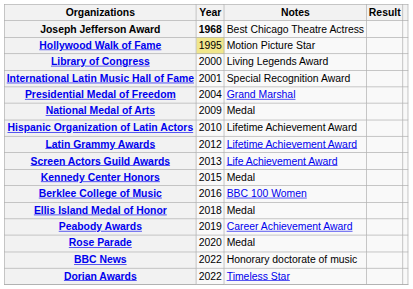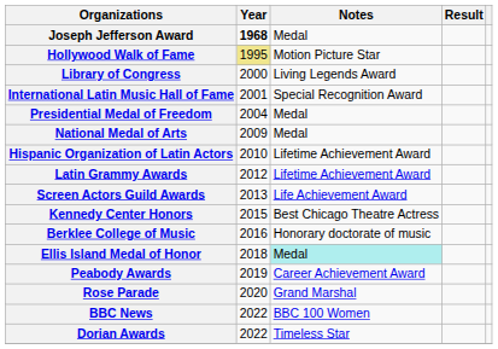 <table class= "wikitable plainrowheaders sortable">
 <tr>
 <th>Organizations</th>
 <th scope="col">Year</th>
 <th scope="col">Notes</th>
 <th scope="col">Result</th>
 <th scope="col" class="unsortable"></th>
 </tr>
 <tr>
 <th rowspan="1" scope="row">Joseph Jefferson Award</th>
 <td style="text-align:center;"><strong>1968</strong></td>
-<td>Best Chicago Theatre Actress</td>
+<td>Medal</td>
 <td></td>
 <td style="text-align:center;"></td>
 </tr>
 <tr>
 <th rowspan="1" scope="row"><a href='#'>Hollywood Walk of Fame</a></th>
 <td style="background: khaki; text-align:center;">1995</td>
 <td>Motion Picture Star</td>
 <td></td>
 <td style="text-align:center;"></td>
 </tr>
 <tr>
 <th rowspan="1" scope="row"><a href='#'>Library of Congress</a></th>
 <td style="text-align:center;">2000</td>
 <td>Living Legends Award</td>
 <td></td>
 <td style="text-align:center;"></td>
 </tr>
 <tr>
 <th rowspan="1" scope="row"><a href='#'>International Latin Music Hall of Fame</a></th>
 <td style="text-align:center;">2001</td>
 <td>Special Recognition Award</td>
 <td></td>
 <td style="text-align:center;"></td>
 </tr>
 <tr>
 <th rowspan="1" scope="row"><a href='#'>Presidential Medal of Freedom</a></th>
 <td style="text-align:center;">2004</td>
-<td><a href='#'>Grand Marshal</a></td>
+<td>Medal</td>
 <td></td>
 <td style="text-align:center;"></td>
 </tr>
 <tr>
 <th rowspan="1" scope="row"><a href='#'>National Medal of Arts</a></th>
 <td style="text-align:center;">2009</td>
 <td>Medal</td>
 <td></td>
 <td style="text-align:center;"></td>
 </tr>
 <tr>
 <th rowspan="1" scope="row"><a href='#'>Hispanic Organization of Latin Actors</a></th>
 <td style="text-align:center;">2010</td>
 <td>Lifetime Achievement Award</td>
 <td></td>
 <td style="text-align:center;"></td>
 </tr>
 <tr>
 <th rowspan="1" scope="row"><a href='#'>Latin Grammy Awards</a></th>
 <td style="text-align:center;">2012</td>
 <td><a href='#'>Lifetime Achievement Award</a></td>
 <td></td>
 <td style="text-align:center;"></td>
 </tr>
 <tr>
 <th rowspan="1" scope="row"><a href='#'>Screen Actors Guild Awards</a></th>
 <td style="text-align:center;">2013</td>
 <td><a href='#'>Life Achievement Award</a></td>
 <td></td>
 <td style="text-align:center;"></td>
 </tr>
 <tr>
 <th rowspan="1" scope="row"><a href='#'>Kennedy Center Honors</a></th>
 <td style="text-align:center;">2015</td>
-<td>Medal</td>
+<td>Best Chicago Theatre Actress</td>
 <td></td>
 <td style="text-align:center;"></td>
 </tr>
 <tr>
 <th rowspan="1" scope="row"><a href='#'>Berklee College of Music</a></th>
 <td style="text-align:center;">2016</td>
-<td><a href='#'>BBC 100 Women</a></td>
+<td>Honorary doctorate of music</td>
 <td></td>
 <td style="text-align:center;"></td>
 </tr>
 <tr>
 <th rowspan="1" scope="row"><a href='#'>Ellis Island Medal of Honor</a></th>
 <td style="text-align:center;">2018</td>
-<td>Medal</td>
+<td style="background: paleturquoise;">Medal</td>
 <td></td>
 <td style="text-align:center;"></td>
 </tr>
 <tr>
 <th rowspan="1" scope="row"><a href='#'>Peabody Awards</a></th>
 <td style="text-align:center;">2019</td>
 <td><a href='#'>Career Achievement Award</a></td>
 <td></td>
 <td style="text-align:center;"></td>
 </tr>
 <tr>
 <th rowspan="1" scope="row"><a href='#'>Rose Parade</a></th>
 <td style="text-align:center;">2020</td>
-<td>Medal</td>
+<td><a href='#'>Grand Marshal</a></td>
 <td></td>
 <td style="text-align:center;"></td>
 </tr>
 <tr>
 <th rowspan="1" scope="row"><a href='#'>BBC News</a></th>
 <td style="text-align:center;">2022</td>
-<td>Honorary doctorate of music</td>
+<td><a href='#'>BBC 100 Women</a></td>
 <td></td>
 <td style="text-align:center;"></td>
 </tr>
 <tr>
 <th rowspan="1" scope="row"><a href='#'>Dorian Awards</a></th>
 <td style="text-align:center;">2022</td>
 <td><a href='#'>Timeless Star</a></td>
 <td></td>
 <td style="text-align:center;"></td>
 </tr>
 <tr>
 </tr>
 </table>
